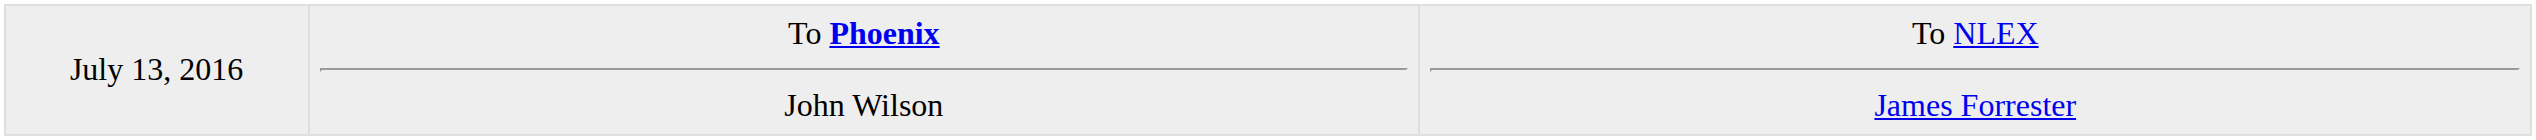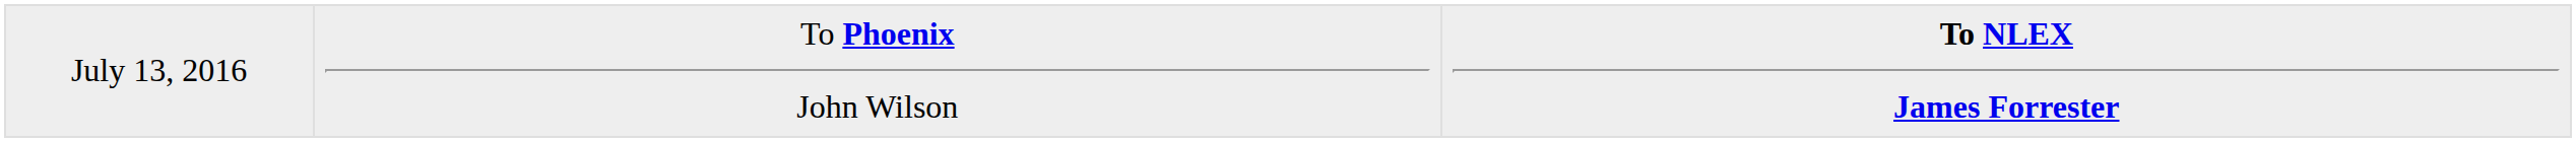 <table border=1 style="border-collapse:collapse; text-align: center; width: 100%" bordercolor="#DFDFDF"  cellpadding="5">
 <tr>
 </tr>
 <tr bgcolor="eeeeee">
 <td rowspan=2>July 13, 2016 <br></td>
 <td style="width:44%" valign="top">To <strong><a href='#'>Phoenix</a></strong><hr>John Wilson</td>
-<td style="width:44%" valign="top">To <a href='#'>NLEX</a><hr><a href='#'>James Forrester</a></td>
+<td style="width:44%" valign="top"><strong>To <a href='#'>NLEX</a><hr><a href='#'>James Forrester</a></strong></td>
 </tr>
 </table>
